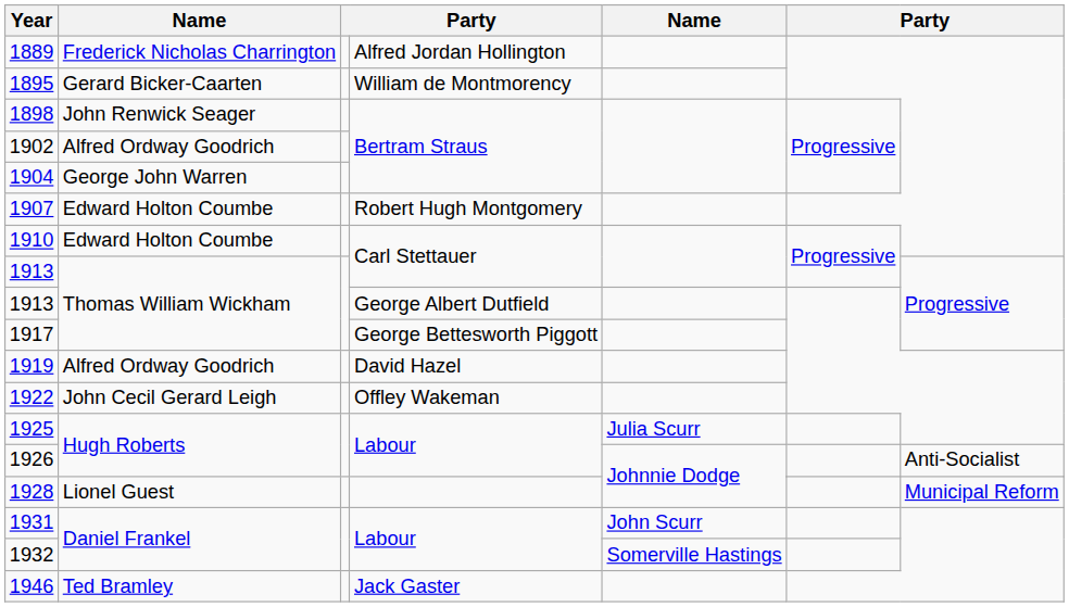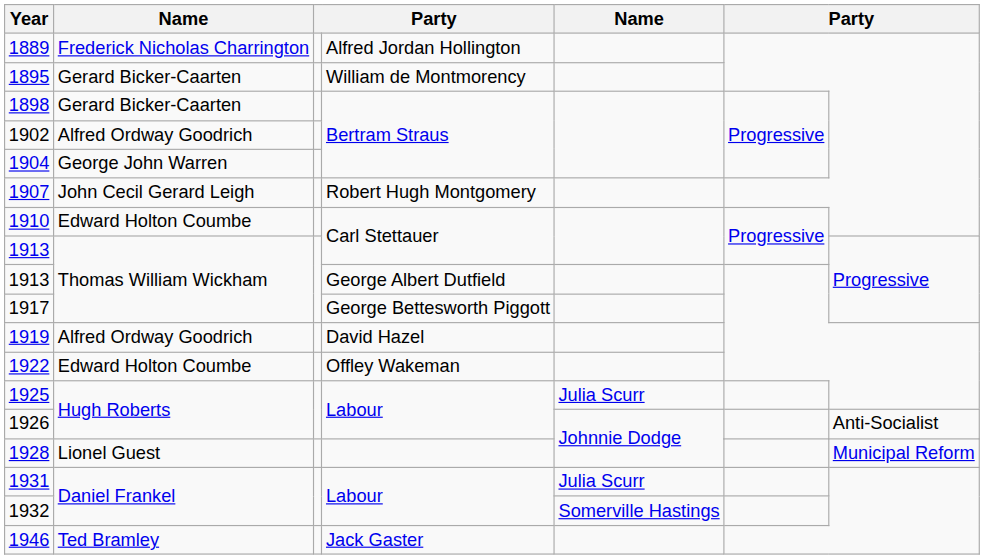 <table class="wikitable">
 <tr>
 <th>Year</th>
 <th>Name</th>
 <th colspan=2>Party</th>
 <th>Name</th>
 <th colspan=2>Party</th>
 </tr>
 <tr>
 <td><a href='#'>1889</a></td>
 <td><a href='#'>Frederick Nicholas Charrington</a></td>
 <td></td>
 <td>Alfred Jordan Hollington</td>
 <td></td>
 </tr>
 <tr>
 <td><a href='#'>1895</a></td>
 <td>Gerard Bicker-Caarten</td>
 <td></td>
 <td>William de Montmorency</td>
 <td></td>
 </tr>
 <tr>
 <td><a href='#'>1898</a></td>
-<td>John Renwick Seager</td>
+<td>Gerard Bicker-Caarten</td>
 <td></td>
 <td rowspan=3><a href='#'>Bertram Straus</a></td>
 <td rowspan=3 style="background-color: "></td>
 <td rowspan=3><a href='#'>Progressive</a></td>
 </tr>
 <tr>
 <td>1902</td>
 <td>Alfred Ordway Goodrich</td>
 <td></td>
 </tr>
 <tr>
 <td><a href='#'>1904</a></td>
 <td>George John Warren</td>
 <td></td>
 </tr>
 <tr>
 <td><a href='#'>1907</a></td>
-<td>Edward Holton Coumbe</td>
+<td>John Cecil Gerard Leigh</td>
 <td></td>
 <td>Robert Hugh Montgomery</td>
 <td></td>
 </tr>
 <tr>
 <td><a href='#'>1910</a></td>
 <td>Edward Holton Coumbe</td>
 <td></td>
 <td rowspan=2>Carl Stettauer</td>
 <td rowspan=2 style="background-color: "></td>
 <td rowspan=2><a href='#'>Progressive</a></td>
 </tr>
 <tr>
 <td><a href='#'>1913</a></td>
 <td rowspan=3>Thomas William Wickham</td>
 <td rowspan=3 style="background-color: "></td>
 <td rowspan=3><a href='#'>Progressive</a></td>
 </tr>
 <tr>
 <td>1913</td>
 <td>George Albert Dutfield</td>
 <td></td>
 </tr>
 <tr>
 <td>1917</td>
 <td>George Bettesworth Piggott</td>
 <td></td>
 </tr>
 <tr>
 <td><a href='#'>1919</a></td>
 <td>Alfred Ordway Goodrich</td>
 <td></td>
 <td>David Hazel</td>
 <td></td>
 </tr>
 <tr>
 <td><a href='#'>1922</a></td>
-<td>John Cecil Gerard Leigh</td>
+<td>Edward Holton Coumbe</td>
 <td></td>
 <td>Offley Wakeman</td>
 <td></td>
 </tr>
 <tr>
 <td><a href='#'>1925</a></td>
 <td rowspan=3><a href='#'>Hugh Roberts</a></td>
 <td rowspan=3 style="background-color: "></td>
 <td rowspan=3><a href='#'>Labour</a></td>
 <td><a href='#'>Julia Scurr</a></td>
 <td></td>
 </tr>
 <tr>
 <td rowspan=2>1926</td>
 <td rowspan=3><a href='#'>Johnnie Dodge</a></td>
 <td></td>
 <td>Anti-Socialist</td>
 </tr>
 <tr>
 <td rowspan=2 style="background-color: "></td>
 <td rowspan=2><a href='#'>Municipal Reform</a></td>
 </tr>
 <tr>
 <td><a href='#'>1928</a></td>
 <td>Lionel Guest</td>
 <td></td>
 </tr>
 <tr>
 <td><a href='#'>1931</a></td>
 <td rowspan=2><a href='#'>Daniel Frankel</a></td>
 <td rowspan=2 style="background-color: "></td>
 <td rowspan=2><a href='#'>Labour</a></td>
-<td><a href='#'>John Scurr</a></td>
+<td><a href='#'>Julia Scurr</a></td>
 <td></td>
 </tr>
 <tr>
 <td>1932</td>
 <td><a href='#'>Somerville Hastings</a></td>
 <td></td>
 </tr>
 <tr>
 <td><a href='#'>1946</a></td>
 <td><a href='#'>Ted Bramley</a></td>
 <td></td>
 <td><a href='#'>Jack Gaster</a></td>
 <td></td>
 </tr>
 </table>
